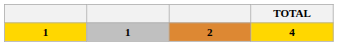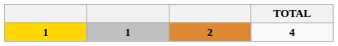 <table class="wikitable" style="font-size:90%">
 <tr>
 <th style="width:100px;"></th>
 <th style="width:100px;"></th>
 <th style="width:100px;"></th>
 <th style="width:100px;">TOTAL</th>
 </tr>
 <tr>
 <td style="text-align:center; background:gold;"><strong>1</strong></td>
 <td style="text-align:center; background:silver;"><strong>1</strong></td>
 <td style="text-align:center; background:#d83;"><strong>2</strong></td>
-<td style="background: gold; text-align:center;"><strong>4</strong></td>
+<td style="text-align:center;"><strong>4</strong></td>
 </tr>
 </table>
